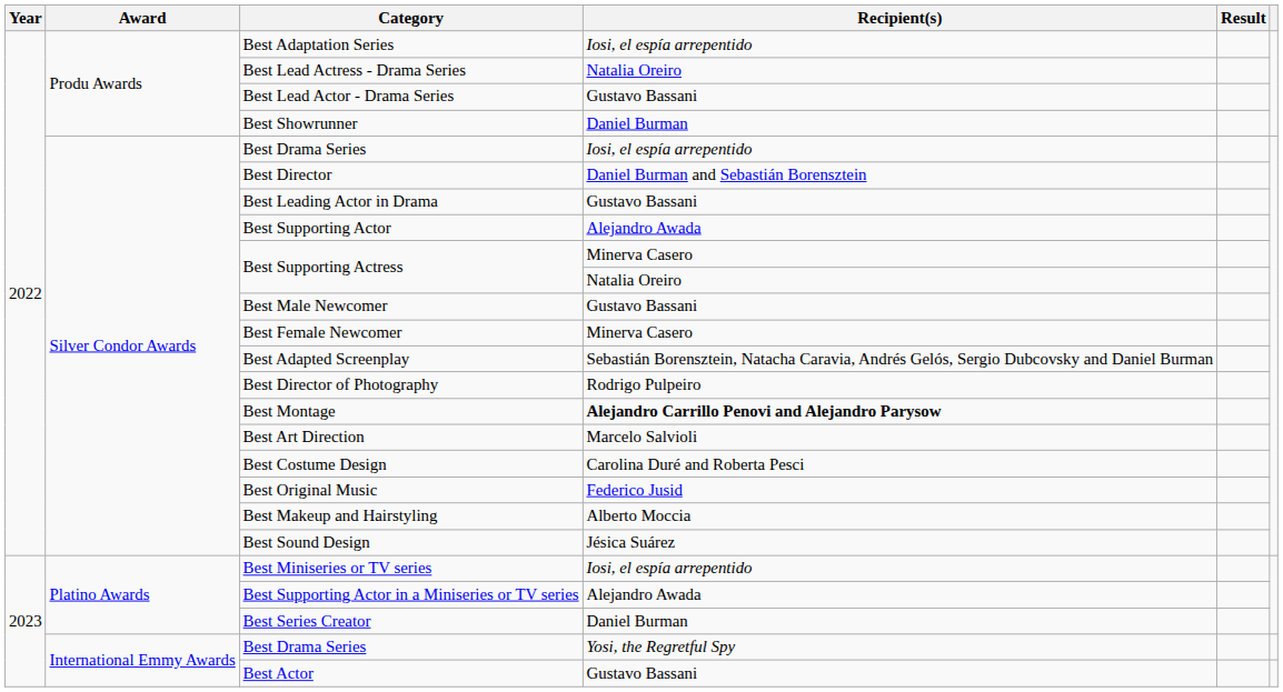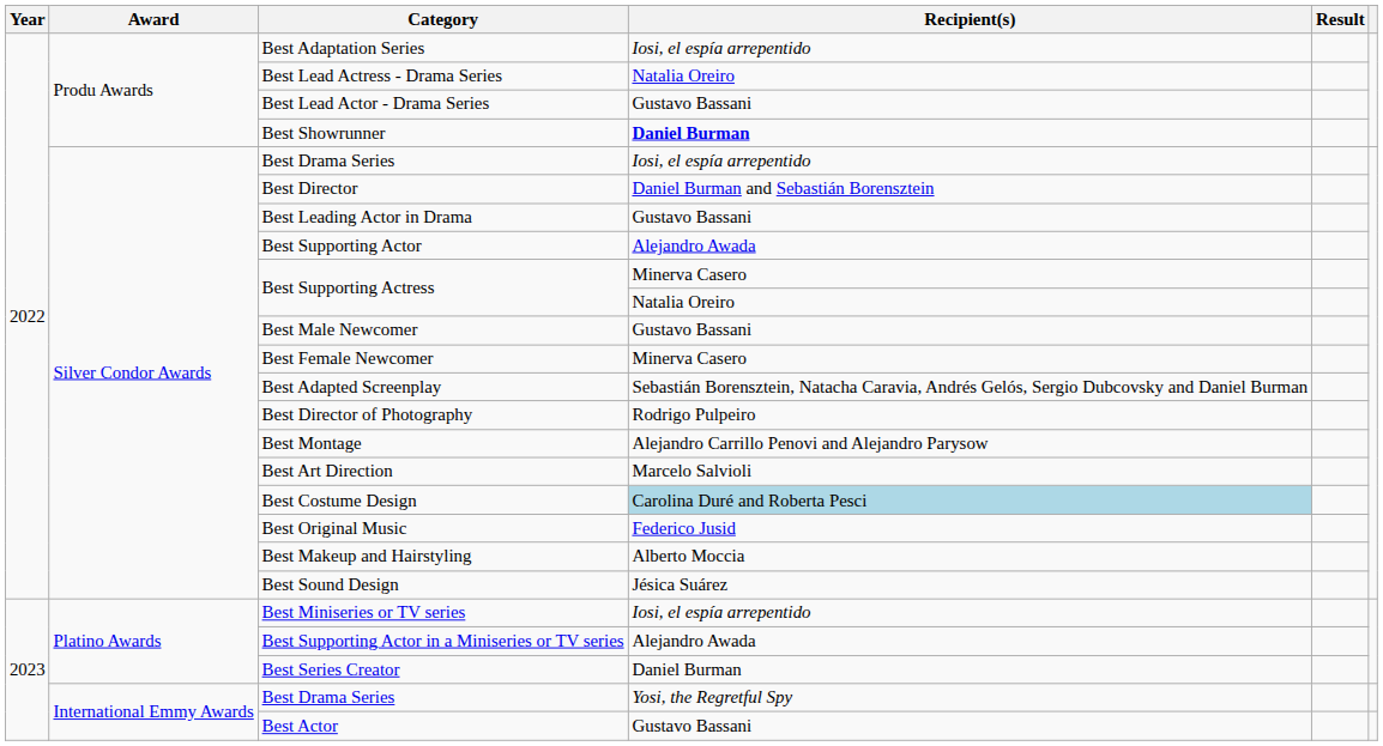 <table class="wikitable sortable">
 <tr>
 <th>Year</th>
 <th>Award</th>
 <th>Category</th>
 <th>Recipient(s)</th>
 <th>Result</th>
 <th></th>
 </tr>
 <tr>
 <td rowspan="20" style="text-align:center;">2022</td>
 <td rowspan="4">Produ Awards</td>
 <td>Best Adaptation Series</td>
 <td><em>Iosi, el espía arrepentido</em></td>
 <td></td>
 <td rowspan="4" align="center"></td>
 </tr>
 <tr>
 <td>Best Lead Actress - Drama Series</td>
 <td><a href='#'>Natalia Oreiro</a></td>
 <td></td>
 </tr>
 <tr>
 <td>Best Lead Actor - Drama Series</td>
 <td>Gustavo Bassani</td>
 <td></td>
 </tr>
 <tr>
 <td>Best Showrunner</td>
-<td><a href='#'>Daniel Burman</a></td>
+<td><strong><a href='#'>Daniel Burman</a></strong></td>
 <td></td>
 </tr>
 <tr>
 <td rowspan="16"><a href='#'>Silver Condor Awards</a></td>
 <td>Best Drama Series</td>
 <td><em>Iosi, el espía arrepentido</em></td>
 <td></td>
 <td rowspan="16" align="center"></td>
 </tr>
 <tr>
 <td>Best Director</td>
 <td><a href='#'>Daniel Burman</a> and <a href='#'>Sebastián Borensztein</a></td>
 <td></td>
 </tr>
 <tr>
 <td>Best Leading Actor in Drama</td>
 <td>Gustavo Bassani</td>
 <td></td>
 </tr>
 <tr>
 <td>Best Supporting Actor</td>
 <td><a href='#'>Alejandro Awada</a></td>
 <td></td>
 </tr>
 <tr>
 <td rowspan="2">Best Supporting Actress</td>
 <td>Minerva Casero</td>
 <td></td>
 </tr>
 <tr>
 <td>Natalia Oreiro</td>
 <td></td>
 </tr>
 <tr>
 <td>Best Male Newcomer</td>
 <td>Gustavo Bassani</td>
 <td></td>
 </tr>
 <tr>
 <td>Best Female Newcomer</td>
 <td>Minerva Casero</td>
 <td></td>
 </tr>
 <tr>
 <td>Best Adapted Screenplay</td>
 <td>Sebastián Borensztein, Natacha Caravia, Andrés Gelós, Sergio Dubcovsky and Daniel Burman</td>
 <td></td>
 </tr>
 <tr>
 <td>Best Director of Photography</td>
 <td>Rodrigo Pulpeiro</td>
 <td></td>
 </tr>
 <tr>
 <td>Best Montage</td>
-<td><strong>Alejandro Carrillo Penovi and Alejandro Parysow</strong></td>
+<td>Alejandro Carrillo Penovi and Alejandro Parysow</td>
 <td></td>
 </tr>
 <tr>
 <td>Best Art Direction</td>
 <td>Marcelo Salvioli</td>
 <td></td>
 </tr>
 <tr>
 <td>Best Costume Design</td>
-<td>Carolina Duré and Roberta Pesci</td>
+<td style="background: lightblue;">Carolina Duré and Roberta Pesci</td>
 <td></td>
 </tr>
 <tr>
 <td>Best Original Music</td>
 <td><a href='#'>Federico Jusid</a></td>
 <td></td>
 </tr>
 <tr>
 <td>Best Makeup and Hairstyling</td>
 <td>Alberto Moccia</td>
 <td></td>
 </tr>
 <tr>
 <td>Best Sound Design</td>
 <td>Jésica Suárez</td>
 <td></td>
 </tr>
 <tr>
 <td rowspan="21" style="text-align:center;">2023</td>
 <td rowspan="3"><a href='#'>Platino Awards</a></td>
 <td><a href='#'>Best Miniseries or TV series</a></td>
 <td><em>Iosi, el espía arrepentido</em></td>
 <td></td>
 <td rowspan="3" align="center"></td>
 </tr>
 <tr>
 <td><a href='#'>Best Supporting Actor in a Miniseries or TV series</a></td>
 <td>Alejandro Awada</td>
 <td></td>
 </tr>
 <tr>
 <td><a href='#'>Best Series Creator</a></td>
 <td>Daniel Burman</td>
 <td></td>
 </tr>
 <tr>
 <td rowspan="2"><a href='#'>International Emmy Awards</a></td>
 <td><a href='#'>Best Drama Series</a></td>
 <td><em>Yosi, the Regretful Spy</em></td>
 <td></td>
 <td></td>
 </tr>
 <tr>
 <td><a href='#'>Best Actor</a></td>
 <td>Gustavo Bassani</td>
 <td></td>
 <td></td>
 </tr>
 </table>
